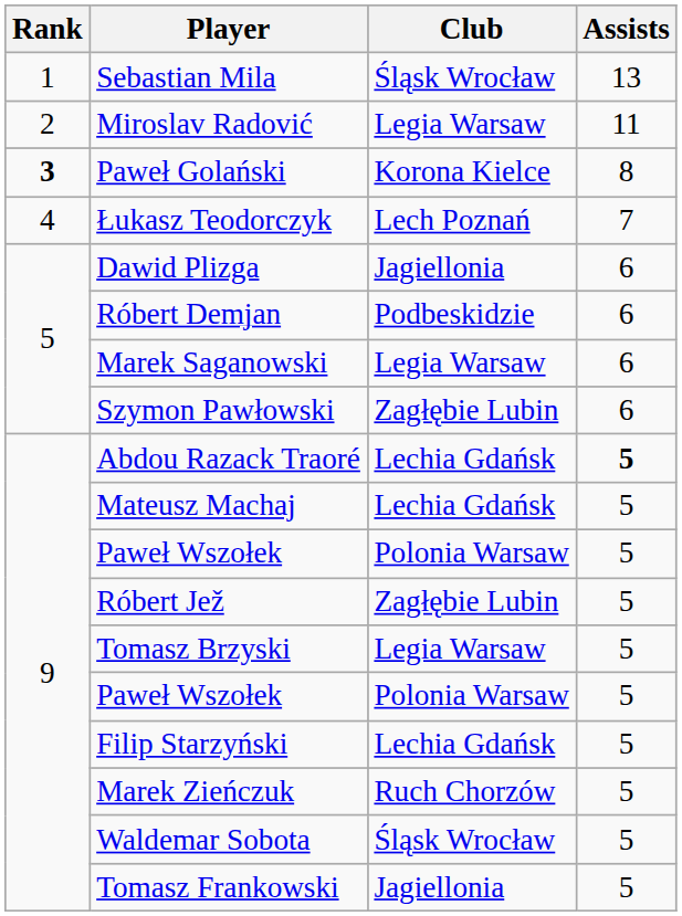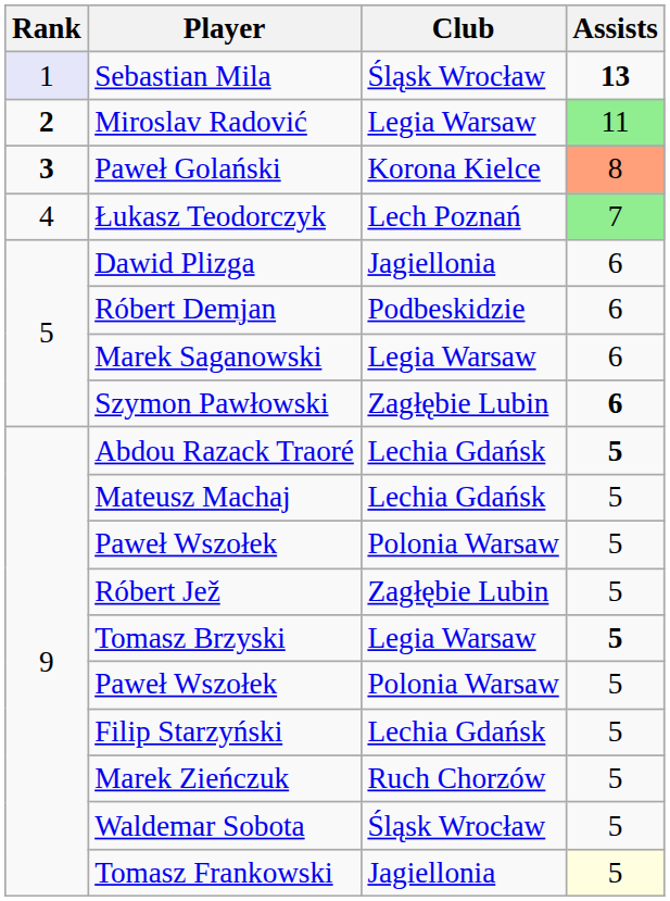 <table class="wikitable" style="text-align:center">
 <tr>
 <th>Rank</th>
 <th>Player</th>
 <th>Club</th>
 <th>Assists</th>
 </tr>
 <tr>
-<td rowspan="1">1</td>
+<td rowspan="1" style="background: lavender;">1</td>
 <td align="left"> <a href='#'>Sebastian Mila</a></td>
 <td align="left"><a href='#'>Śląsk Wrocław</a></td>
-<td>13</td>
+<td><strong>13</strong></td>
 </tr>
 <tr>
-<td rowspan="1">2</td>
+<td rowspan="1"><strong>2</strong></td>
 <td align="left"> <a href='#'>Miroslav Radović</a></td>
 <td align="left"><a href='#'>Legia Warsaw</a></td>
-<td>11</td>
+<td style="background: lightgreen;">11</td>
 </tr>
 <tr>
 <td rowspan="1"><strong>3</strong></td>
 <td align="left"> <a href='#'>Paweł Golański</a></td>
 <td align="left"><a href='#'>Korona Kielce</a></td>
-<td>8</td>
+<td style="background: lightsalmon;">8</td>
 </tr>
 <tr>
 <td rowspan="1">4</td>
 <td align="left"> <a href='#'>Łukasz Teodorczyk</a></td>
 <td align="left"><a href='#'>Lech Poznań</a></td>
-<td>7</td>
+<td style="background: lightgreen;">7</td>
 </tr>
 <tr>
 <td rowspan="4">5</td>
 <td align="left"> <a href='#'>Dawid Plizga</a></td>
 <td align="left"><a href='#'>Jagiellonia</a></td>
 <td>6</td>
 </tr>
 <tr>
 <td align="left"> <a href='#'>Róbert Demjan</a></td>
 <td align="left"><a href='#'>Podbeskidzie</a></td>
 <td>6</td>
 </tr>
 <tr>
 <td align="left"> <a href='#'>Marek Saganowski</a></td>
 <td align="left"><a href='#'>Legia Warsaw</a></td>
 <td>6</td>
 </tr>
 <tr>
 <td align="left"> <a href='#'>Szymon Pawłowski</a></td>
 <td align="left"><a href='#'>Zagłębie Lubin</a></td>
-<td>6</td>
+<td><strong>6</strong></td>
 </tr>
 <tr>
 <td rowspan="11">9</td>
 <td align="left"> <a href='#'>Abdou Razack Traoré</a></td>
 <td align="left"><a href='#'>Lechia Gdańsk</a></td>
 <td><strong>5</strong></td>
 </tr>
 <tr>
 <td align="left"> <a href='#'>Mateusz Machaj</a></td>
 <td align="left"><a href='#'>Lechia Gdańsk</a></td>
 <td>5</td>
 </tr>
 <tr>
 <td align="left"> <a href='#'>Paweł Wszołek</a></td>
 <td align="left"><a href='#'>Polonia Warsaw</a></td>
 <td>5</td>
 </tr>
 <tr>
 <td align="left"> <a href='#'>Róbert Jež</a></td>
 <td align="left"><a href='#'>Zagłębie Lubin</a></td>
 <td>5</td>
 </tr>
 <tr>
 <td align="left"> <a href='#'>Tomasz Brzyski</a></td>
 <td align="left"><a href='#'>Legia Warsaw</a></td>
-<td>5</td>
+<td><strong>5</strong></td>
 </tr>
 <tr>
 <td align="left"> <a href='#'>Paweł Wszołek</a></td>
 <td align="left"><a href='#'>Polonia Warsaw</a></td>
 <td>5</td>
 </tr>
 <tr>
 <td align="left"> <a href='#'>Filip Starzyński</a></td>
 <td align="left"><a href='#'>Lechia Gdańsk</a></td>
 <td>5</td>
 </tr>
 <tr>
 <td align="left"> <a href='#'>Marek Zieńczuk</a></td>
 <td align="left"><a href='#'>Ruch Chorzów</a></td>
 <td>5</td>
 </tr>
 <tr>
 <td align="left"> <a href='#'>Waldemar Sobota</a></td>
 <td align="left"><a href='#'>Śląsk Wrocław</a></td>
 <td>5</td>
 </tr>
 <tr>
 <td align="left"> <a href='#'>Tomasz Frankowski</a></td>
 <td align="left"><a href='#'>Jagiellonia</a></td>
-<td>5</td>
+<td style="background: lightyellow;">5</td>
 </tr>
 </table>
